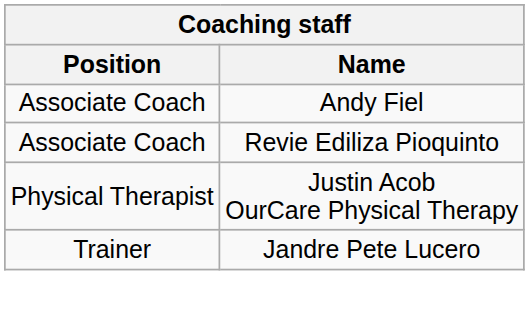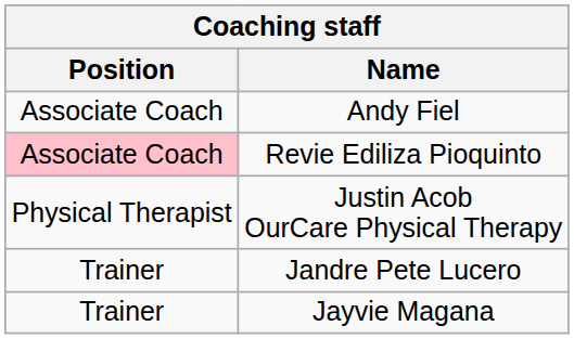 <table class="wikitable sortable" style="font-size:90%; text-align:center;">
 <tr>
 <th colspan="2">Coaching staff</th>
 </tr>
 <tr style"text-align:center">
 <th>Position</th>
 <th>Name</th>
 </tr>
 <tr>
 <td>Associate Coach</td>
 <td>Andy Fiel</td>
 </tr>
 <tr>
-<td>Associate Coach</td>
+<td style="background: pink;">Associate Coach</td>
 <td>Revie Ediliza Pioquinto</td>
 </tr>
 <tr>
 <td>Physical Therapist</td>
 <td>Justin Acob<br>OurCare Physical Therapy</td>
 </tr>
 <tr>
 <td>Trainer</td>
 <td>Jandre Pete Lucero</td>
 </tr>
+<tr>
+<td>Trainer</td>
+<td>Jayvie Magana</td>
+</tr>
 </table>
